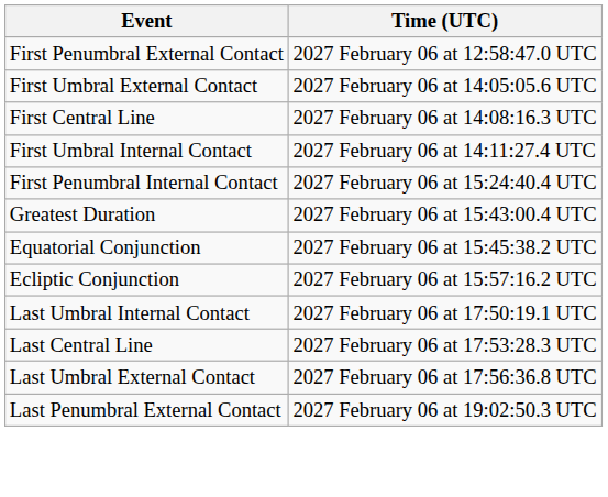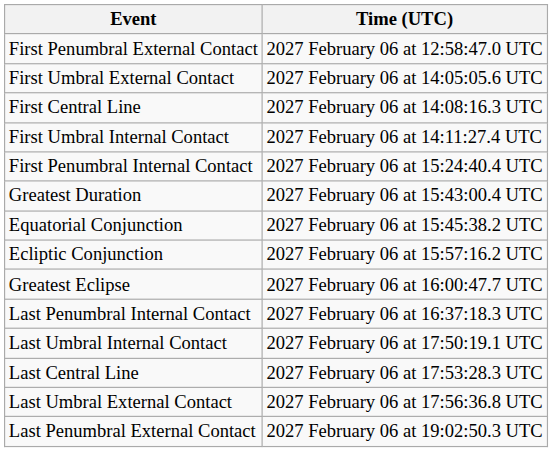 <table class="wikitable">
 <tr>
 <th>Event</th>
 <th>Time (UTC)</th>
 </tr>
 <tr>
 <td>First Penumbral External Contact</td>
 <td>2027 February 06 at 12:58:47.0 UTC</td>
 </tr>
 <tr>
 <td>First Umbral External Contact</td>
 <td>2027 February 06 at 14:05:05.6 UTC</td>
 </tr>
 <tr>
 <td>First Central Line</td>
 <td>2027 February 06 at 14:08:16.3 UTC</td>
 </tr>
 <tr>
 <td>First Umbral Internal Contact</td>
 <td>2027 February 06 at 14:11:27.4 UTC</td>
 </tr>
 <tr>
 <td>First Penumbral Internal Contact</td>
 <td>2027 February 06 at 15:24:40.4 UTC</td>
 </tr>
 <tr>
 <td>Greatest Duration</td>
 <td>2027 February 06 at 15:43:00.4 UTC</td>
 </tr>
 <tr>
 <td>Equatorial Conjunction</td>
 <td>2027 February 06 at 15:45:38.2 UTC</td>
 </tr>
 <tr>
 <td>Ecliptic Conjunction</td>
 <td>2027 February 06 at 15:57:16.2 UTC</td>
 </tr>
 <tr>
+<td>Greatest Eclipse</td>
+<td>2027 February 06 at 16:00:47.7 UTC</td>
+</tr>
+<tr>
+<td>Last Penumbral Internal Contact</td>
+<td>2027 February 06 at 16:37:18.3 UTC</td>
+</tr>
+<tr>
 <td>Last Umbral Internal Contact</td>
 <td>2027 February 06 at 17:50:19.1 UTC</td>
 </tr>
 <tr>
 <td>Last Central Line</td>
 <td>2027 February 06 at 17:53:28.3 UTC</td>
 </tr>
 <tr>
 <td>Last Umbral External Contact</td>
 <td>2027 February 06 at 17:56:36.8 UTC</td>
 </tr>
 <tr>
 <td>Last Penumbral External Contact</td>
 <td>2027 February 06 at 19:02:50.3 UTC</td>
 </tr>
 </table>
